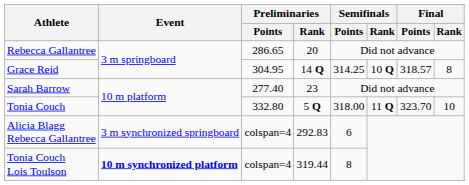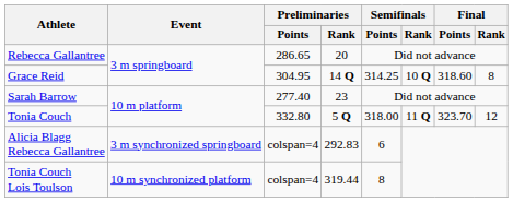 <table class=wikitable style="font-size:90%">
 <tr>
 <th rowspan="2">Athlete</th>
 <th rowspan="2">Event</th>
 <th colspan="2">Preliminaries</th>
 <th colspan="2">Semifinals</th>
 <th colspan="2">Final</th>
 </tr>
 <tr style="font-size:95%">
 <th>Points</th>
 <th>Rank</th>
 <th>Points</th>
 <th>Rank</th>
 <th>Points</th>
 <th>Rank</th>
 </tr>
 <tr align=center>
 <td align=left><a href='#'>Rebecca Gallantree</a></td>
 <td align=left rowspan=2><a href='#'>3 m springboard</a></td>
 <td>286.65</td>
 <td>20</td>
 <td colspan=4>Did not advance</td>
 </tr>
 <tr align=center>
 <td align=left><a href='#'>Grace Reid</a></td>
 <td>304.95</td>
 <td>14 <strong>Q</strong></td>
 <td>314.25</td>
 <td>10 <strong>Q</strong></td>
-<td>318.57</td>
+<td>318.60</td>
 <td>8</td>
 </tr>
 <tr align=center>
 <td align=left><a href='#'>Sarah Barrow</a></td>
 <td align=left rowspan=2><a href='#'>10 m platform</a></td>
 <td>277.40</td>
 <td>23</td>
 <td colspan=4>Did not advance</td>
 </tr>
 <tr align=center>
 <td align=left><a href='#'>Tonia Couch</a></td>
 <td>332.80</td>
 <td>5 <strong>Q</strong></td>
 <td>318.00</td>
 <td>11 <strong>Q</strong></td>
 <td>323.70</td>
-<td>10</td>
+<td>12</td>
 </tr>
 <tr align=center>
 <td align=left><a href='#'>Alicia Blagg</a><br><a href='#'>Rebecca Gallantree</a></td>
 <td align=left><a href='#'>3 m synchronized springboard</a></td>
 <td>colspan=4 </td>
 <td>292.83</td>
 <td>6</td>
 </tr>
 <tr align=center>
 <td align=left><a href='#'>Tonia Couch</a><br><a href='#'>Lois Toulson</a></td>
-<td align=left><strong><a href='#'>10 m synchronized platform</a></strong></td>
+<td align=left><a href='#'>10 m synchronized platform</a></td>
 <td>colspan=4 </td>
 <td>319.44</td>
 <td>8</td>
 </tr>
 </table>
